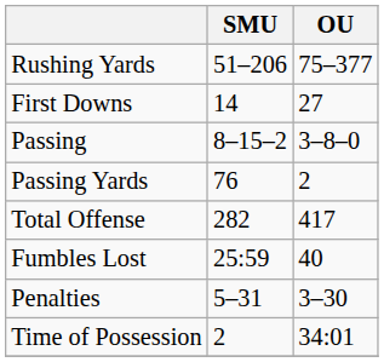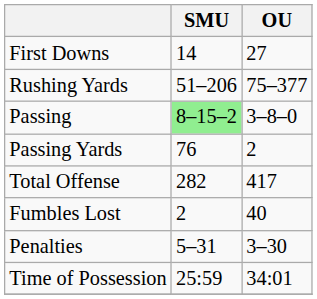 <table class="wikitable">
 <tr>
 <th></th>
 <th>SMU</th>
 <th>OU</th>
 </tr>
 <tr>
+<td>First Downs</td>
+<td>14</td>
+<td>27</td>
+</tr>
+<tr>
 <td>Rushing Yards</td>
 <td>51–206</td>
 <td>75–377</td>
 </tr>
 <tr>
-<td>First Downs</td>
-<td>14</td>
-<td>27</td>
-</tr>
-<tr>
 <td>Passing</td>
-<td>8–15–2</td>
+<td style="background: lightgreen;">8–15–2</td>
 <td>3–8–0</td>
 </tr>
 <tr>
 <td>Passing Yards</td>
 <td>76</td>
 <td>2</td>
 </tr>
 <tr>
 <td>Total Offense</td>
 <td>282</td>
 <td>417</td>
 </tr>
 <tr>
 <td>Fumbles Lost</td>
-<td>25:59</td>
+<td>2</td>
 <td>40</td>
 </tr>
 <tr>
 <td>Penalties</td>
 <td>5–31</td>
 <td>3–30</td>
 </tr>
 <tr>
 <td>Time of Possession</td>
-<td>2</td>
+<td>25:59</td>
 <td>34:01</td>
 </tr>
 <tr>
 </tr>
 </table>
